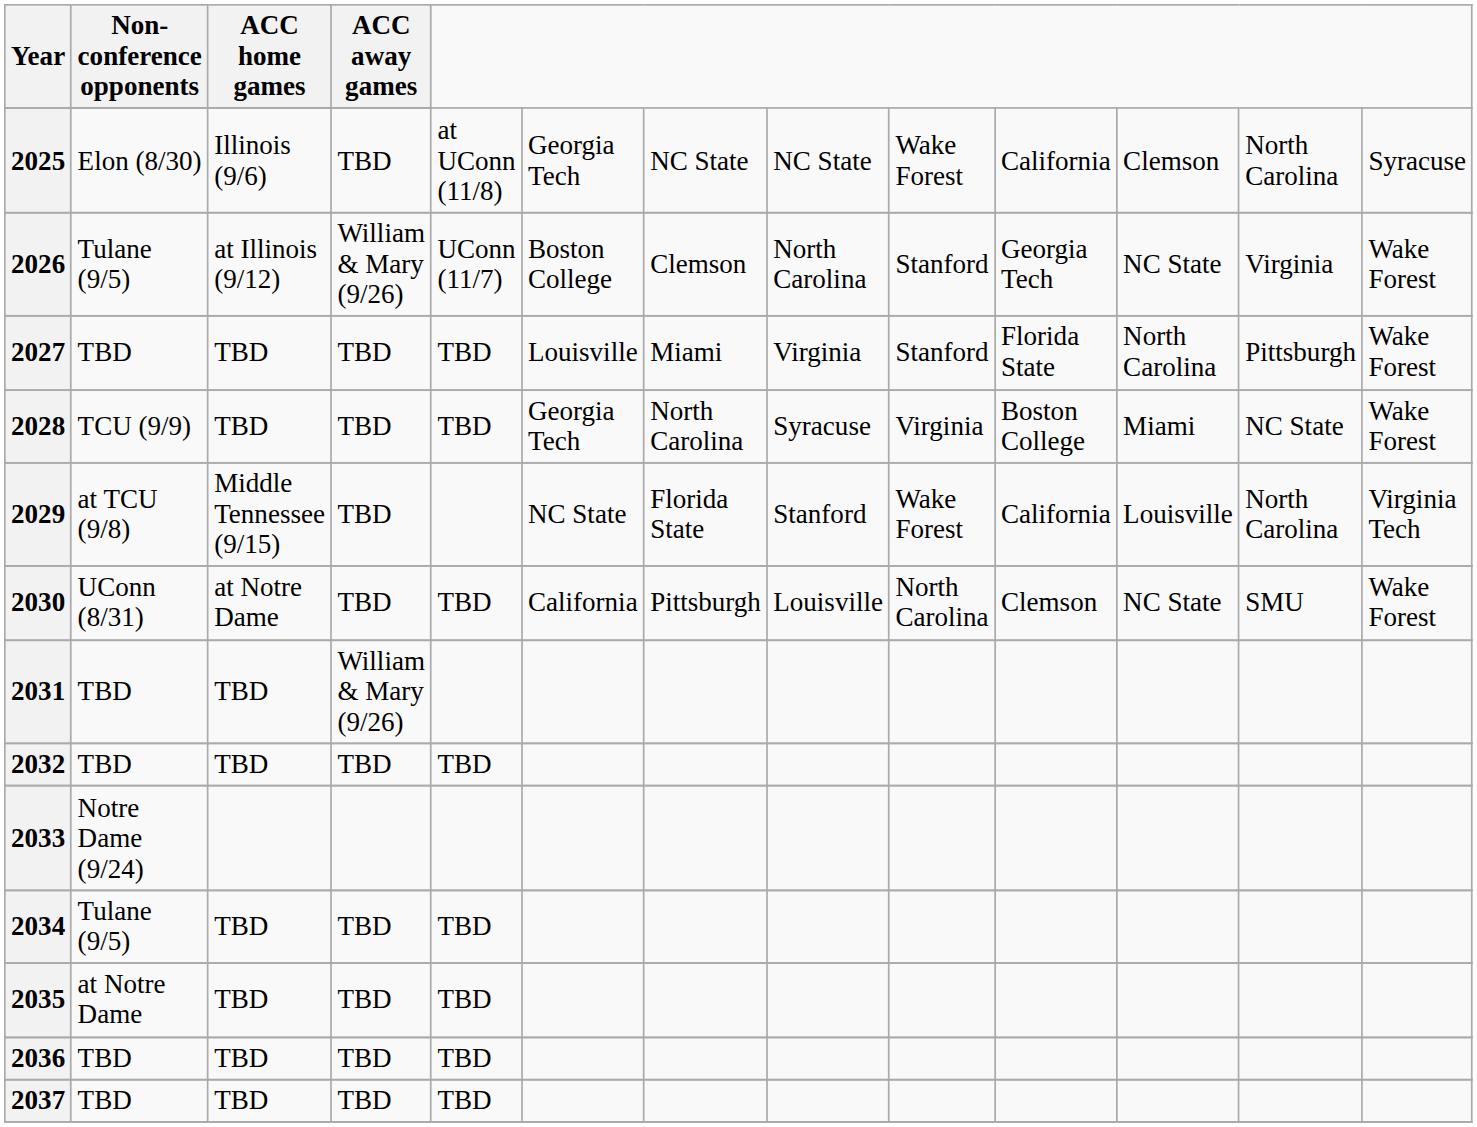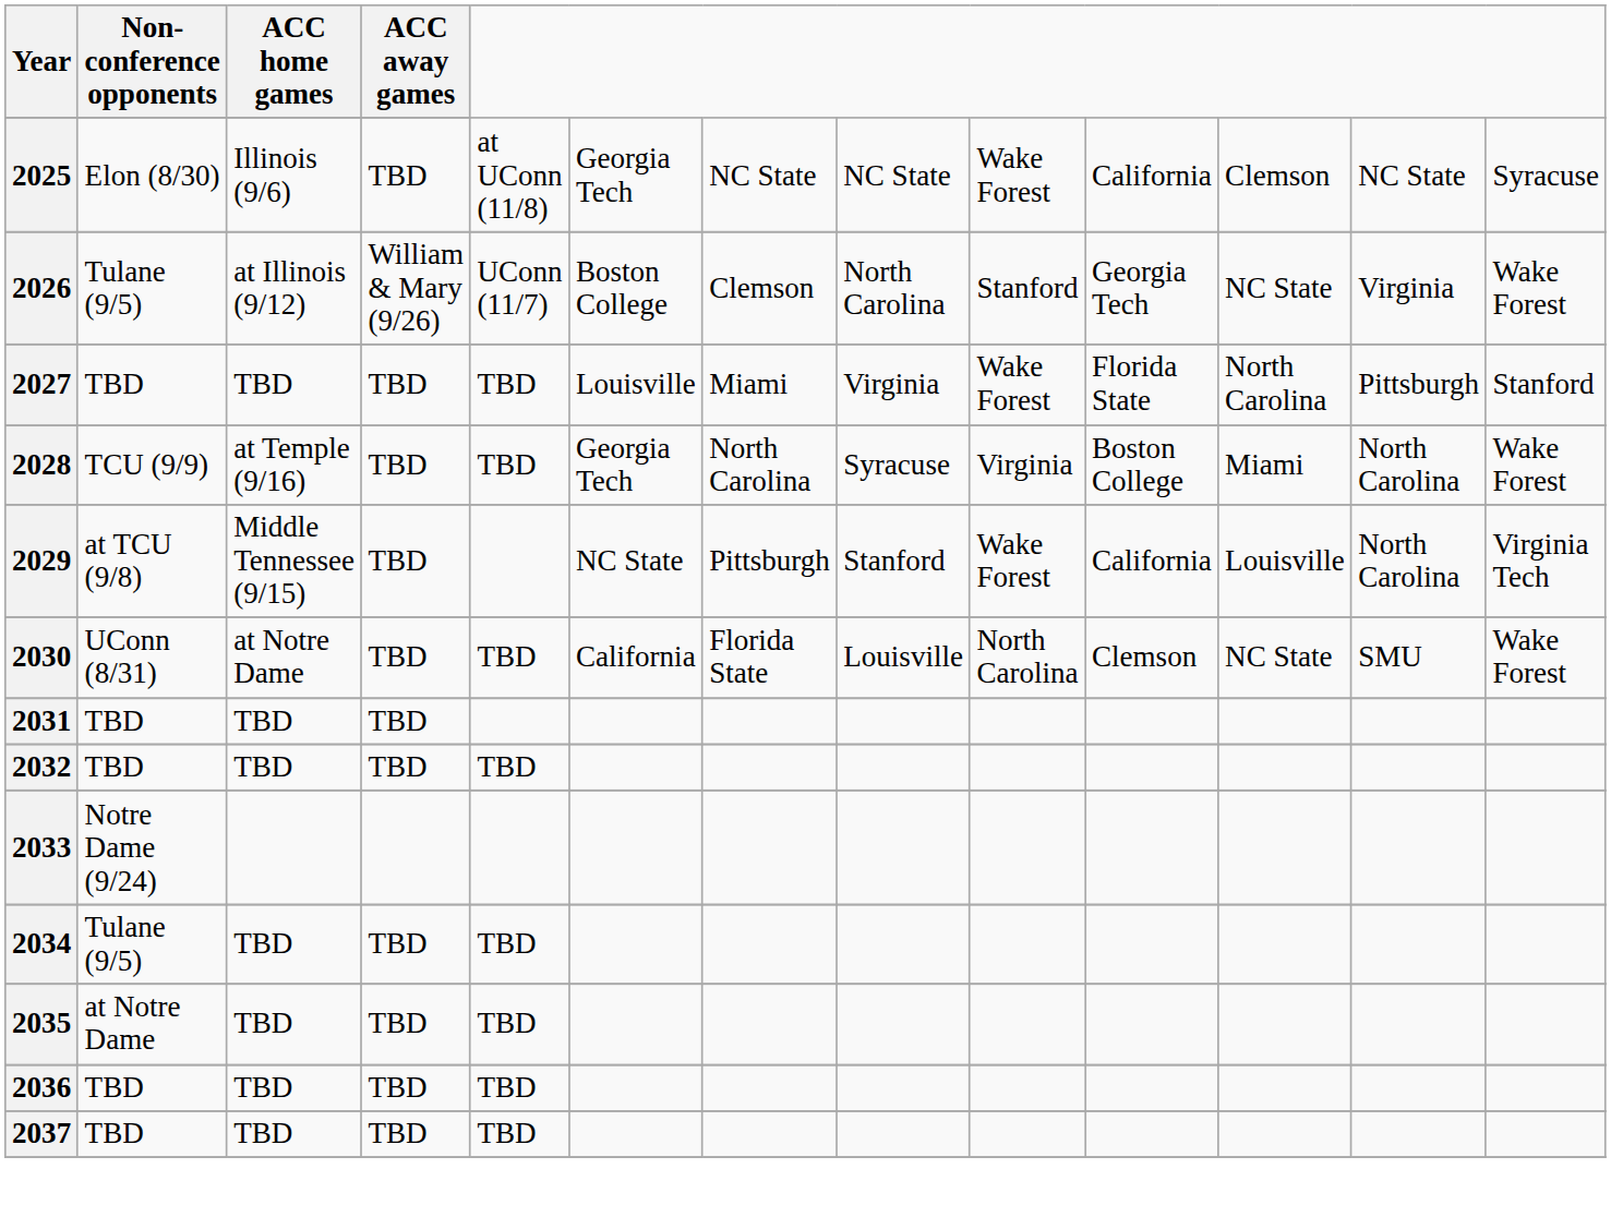 <table class="wikitable">
 <tr>
 <th style="background:#">Year</th>
 <th style="background:#">Non-conference opponents</th>
 <th style="background:#">ACC home games</th>
 <th style="background:#">ACC away games</th>
 </tr>
 <tr>
 </tr>
 <tr>
 <th style="background:#">2025</th>
 <td>Elon (8/30)</td>
 <td>Illinois (9/6)</td>
 <td>TBD</td>
 <td>at UConn (11/8)</td>
 <td>Georgia Tech</td>
 <td>NC State</td>
 <td>NC State</td>
 <td>Wake Forest</td>
 <td>California</td>
 <td>Clemson</td>
-<td>North Carolina</td>
+<td>NC State</td>
 <td>Syracuse</td>
 </tr>
 <tr>
 </tr>
 <tr>
 <th style="background:#">2026</th>
 <td>Tulane (9/5)</td>
 <td>at Illinois (9/12)</td>
 <td>William & Mary (9/26)</td>
 <td>UConn (11/7)</td>
 <td>Boston College</td>
 <td>Clemson</td>
 <td>North Carolina</td>
 <td>Stanford</td>
 <td>Georgia Tech</td>
 <td>NC State</td>
 <td>Virginia</td>
 <td>Wake Forest</td>
 </tr>
 <tr>
 </tr>
 <tr>
 <th style="background:#">2027</th>
 <td>TBD</td>
 <td>TBD</td>
 <td>TBD</td>
 <td>TBD</td>
 <td>Louisville</td>
 <td>Miami</td>
 <td>Virginia</td>
-<td>Stanford</td>
+<td>Wake Forest</td>
 <td>Florida State</td>
 <td>North Carolina</td>
 <td>Pittsburgh</td>
-<td>Wake Forest</td>
+<td>Stanford</td>
 </tr>
 <tr>
 </tr>
 <tr>
 <th style="background:#">2028</th>
 <td>TCU (9/9)</td>
-<td>TBD</td>
+<td>at Temple (9/16)</td>
 <td>TBD</td>
 <td>TBD</td>
 <td>Georgia Tech</td>
 <td>North Carolina</td>
 <td>Syracuse</td>
 <td>Virginia</td>
 <td>Boston College</td>
 <td>Miami</td>
-<td>NC State</td>
+<td>North Carolina</td>
 <td>Wake Forest</td>
 </tr>
 <tr>
 </tr>
 <tr>
 <th style="background:#">2029</th>
 <td>at TCU (9/8)</td>
 <td>Middle Tennessee (9/15)</td>
 <td>TBD</td>
 <td></td>
 <td>NC State</td>
-<td>Florida State</td>
+<td>Pittsburgh</td>
 <td>Stanford</td>
 <td>Wake Forest</td>
 <td>California</td>
 <td>Louisville</td>
 <td>North Carolina</td>
 <td>Virginia Tech</td>
 </tr>
 <tr>
 </tr>
 <tr>
 <th style="background:#">2030</th>
 <td>UConn (8/31)</td>
 <td>at Notre Dame</td>
 <td>TBD</td>
 <td>TBD</td>
 <td>California</td>
-<td>Pittsburgh</td>
+<td>Florida State</td>
 <td>Louisville</td>
 <td>North Carolina</td>
 <td>Clemson</td>
 <td>NC State</td>
 <td>SMU</td>
 <td>Wake Forest</td>
 </tr>
 <tr>
 </tr>
 <tr>
 <th style="background:#">2031</th>
 <td>TBD</td>
 <td>TBD</td>
-<td>William & Mary (9/26)</td>
+<td>TBD</td>
 <td></td>
 <td></td>
 <td></td>
 <td></td>
 <td></td>
 <td></td>
 <td></td>
 <td></td>
 <td></td>
 </tr>
 <tr>
 </tr>
 <tr>
 <th style="background:#">2032</th>
 <td>TBD</td>
 <td>TBD</td>
 <td>TBD</td>
 <td>TBD</td>
 <td></td>
 <td></td>
 <td></td>
 <td></td>
 <td></td>
 <td></td>
 <td></td>
 <td></td>
 </tr>
 <tr>
 </tr>
 <tr>
 <th style="background:#">2033</th>
 <td>Notre Dame (9/24)</td>
 <td></td>
 <td></td>
 <td></td>
 <td></td>
 <td></td>
 <td></td>
 <td></td>
 <td></td>
 <td></td>
 <td></td>
 <td></td>
 </tr>
 <tr>
 </tr>
 <tr>
 <th style="background:#">2034</th>
 <td>Tulane (9/5)</td>
 <td>TBD</td>
 <td>TBD</td>
 <td>TBD</td>
 <td></td>
 <td></td>
 <td></td>
 <td></td>
 <td></td>
 <td></td>
 <td></td>
 <td></td>
 </tr>
 <tr>
 </tr>
 <tr>
 <th style="background:#">2035</th>
 <td>at Notre Dame</td>
 <td>TBD</td>
 <td>TBD</td>
 <td>TBD</td>
 <td></td>
 <td></td>
 <td></td>
 <td></td>
 <td></td>
 <td></td>
 <td></td>
 <td></td>
 </tr>
 <tr>
 </tr>
 <tr>
 <th style="background:#">2036</th>
 <td>TBD</td>
 <td>TBD</td>
 <td>TBD</td>
 <td>TBD</td>
 <td></td>
 <td></td>
 <td></td>
 <td></td>
 <td></td>
 <td></td>
 <td></td>
 <td></td>
 </tr>
 <tr>
 </tr>
 <tr>
 <th style="background:#">2037</th>
 <td>TBD</td>
 <td>TBD</td>
 <td>TBD</td>
 <td>TBD</td>
 <td></td>
 <td></td>
 <td></td>
 <td></td>
 <td></td>
 <td></td>
 <td></td>
 <td></td>
 </tr>
 <tr>
 </tr>
 </table>
